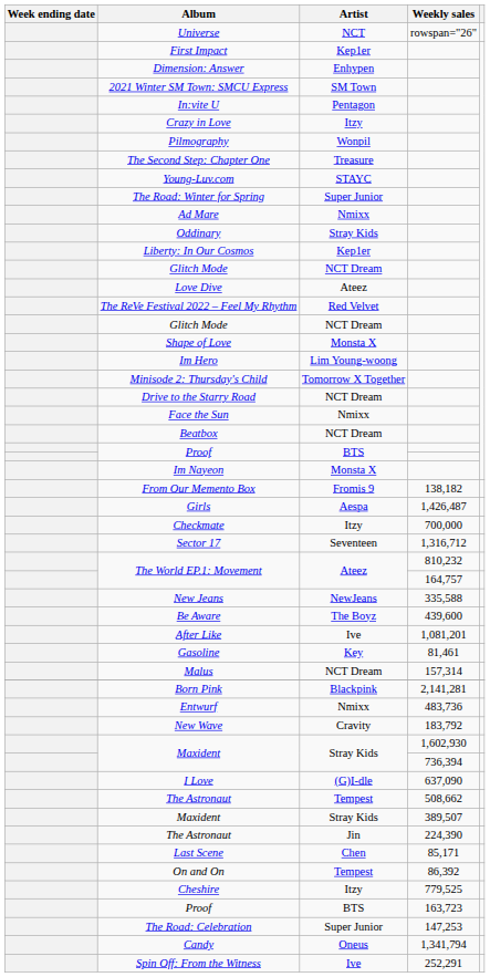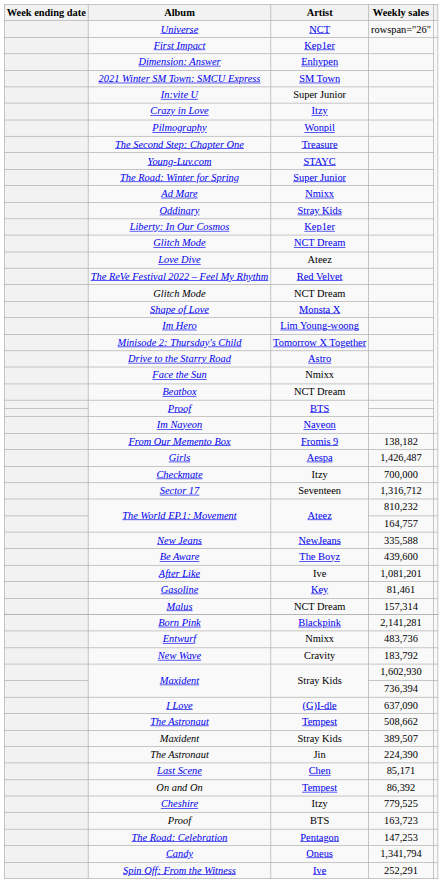 <table class="wikitable sortable plainrowheaders" style="text-align:center">
 <tr>
 <th scope="col">Week ending date</th>
 <th scope="col">Album</th>
 <th scope="col">Artist</th>
 <th scope="col">Weekly sales</th>
 <th scope="col" class="unsortable"></th>
 </tr>
 <tr>
 <th scope="row"></th>
 <td><em><a href='#'>Universe</a></em></td>
 <td><a href='#'>NCT</a></td>
 <td>rowspan="26" </td>
 <td></td>
 </tr>
 <tr>
 <th scope="row"></th>
 <td><em><a href='#'>First Impact</a></em></td>
 <td><a href='#'>Kep1er</a></td>
 <td></td>
 </tr>
 <tr>
 <th scope="row"></th>
 <td><em><a href='#'>Dimension: Answer</a></em></td>
 <td><a href='#'>Enhypen</a></td>
 <td></td>
 </tr>
 <tr>
 <th scope="row"></th>
 <td><em><a href='#'>2021 Winter SM Town: SMCU Express</a></em></td>
 <td><a href='#'>SM Town</a></td>
 <td></td>
 </tr>
 <tr>
 <th scope="row"></th>
 <td><em><a href='#'>In:vite U</a></em></td>
-<td><a href='#'>Pentagon</a></td>
+<td>Super Junior</td>
 <td></td>
 </tr>
 <tr>
 <th scope="row"></th>
 <td><em><a href='#'>Crazy in Love</a></em></td>
 <td><a href='#'>Itzy</a></td>
 <td></td>
 </tr>
 <tr>
 <th scope="row"></th>
 <td><em><a href='#'>Pilmography</a></em></td>
 <td><a href='#'>Wonpil</a></td>
 <td></td>
 </tr>
 <tr>
 <th scope="row"></th>
 <td><em><a href='#'>The Second Step: Chapter One</a></em></td>
 <td><a href='#'>Treasure</a></td>
 <td></td>
 </tr>
 <tr>
 <th scope="row"></th>
 <td><em><a href='#'>Young-Luv.com</a></em></td>
 <td><a href='#'>STAYC</a></td>
 <td></td>
 </tr>
 <tr>
 <th scope="row"></th>
 <td><em><a href='#'>The Road: Winter for Spring</a></em></td>
 <td><a href='#'>Super Junior</a></td>
 <td></td>
 </tr>
 <tr>
 <th scope="row"></th>
 <td><em><a href='#'>Ad Mare</a></em></td>
 <td><a href='#'>Nmixx</a></td>
 <td></td>
 </tr>
 <tr>
 <th scope="row"></th>
 <td><em><a href='#'>Oddinary</a></em></td>
 <td><a href='#'>Stray Kids</a></td>
 <td></td>
 </tr>
 <tr>
 <th scope="row"></th>
 <td><em><a href='#'>Liberty: In Our Cosmos</a></em></td>
 <td><a href='#'>Kep1er</a></td>
 <td></td>
 </tr>
 <tr>
 <th scope="row"></th>
 <td><em><a href='#'>Glitch Mode</a></em></td>
 <td><a href='#'>NCT Dream</a></td>
 <td></td>
 </tr>
 <tr>
 <th scope="row"></th>
 <td><em><a href='#'>Love Dive</a></em></td>
 <td>Ateez</td>
 <td></td>
 </tr>
 <tr>
 <th scope="row"></th>
 <td><em><a href='#'>The ReVe Festival 2022 – Feel My Rhythm</a></em></td>
 <td><a href='#'>Red Velvet</a></td>
 <td></td>
 </tr>
 <tr>
 <th scope="row"></th>
 <td><em>Glitch Mode</em></td>
 <td>NCT Dream</td>
 <td></td>
 </tr>
 <tr>
 <th scope="row"></th>
 <td><em><a href='#'>Shape of Love</a></em></td>
 <td><a href='#'>Monsta X</a></td>
 <td></td>
 </tr>
 <tr>
 <th scope="row"></th>
 <td><em><a href='#'>Im Hero</a></em></td>
 <td><a href='#'>Lim Young-woong</a></td>
 <td></td>
 </tr>
 <tr>
 <th scope="row"></th>
 <td><em><a href='#'>Minisode 2: Thursday's Child</a></em></td>
 <td><a href='#'>Tomorrow X Together</a></td>
 <td></td>
 </tr>
 <tr>
 <th scope="row"></th>
 <td><em><a href='#'>Drive to the Starry Road</a></em></td>
-<td>NCT Dream</td>
+<td><a href='#'>Astro</a></td>
 <td></td>
 </tr>
 <tr>
 <th scope="row"></th>
 <td><em><a href='#'>Face the Sun</a></em></td>
 <td>Nmixx</td>
 <td></td>
 </tr>
 <tr>
 <th scope="row"></th>
 <td><em><a href='#'>Beatbox</a></em></td>
 <td>NCT Dream</td>
 <td></td>
 </tr>
 <tr>
 <th scope="row"></th>
 <td rowspan="2"><em><a href='#'>Proof</a></em></td>
 <td rowspan="2"><a href='#'>BTS</a></td>
 <td></td>
 </tr>
 <tr>
 <th scope="row"></th>
 <td></td>
 </tr>
 <tr>
 <th scope="row"></th>
 <td><em><a href='#'>Im Nayeon</a></em></td>
-<td><a href='#'>Monsta X</a></td>
+<td><a href='#'>Nayeon</a></td>
 <td></td>
 </tr>
 <tr>
 <th scope="row"></th>
 <td><em><a href='#'>From Our Memento Box</a></em></td>
 <td><a href='#'>Fromis 9</a></td>
 <td>138,182</td>
 <td></td>
 </tr>
 <tr>
 <th scope="row"></th>
 <td><em><a href='#'>Girls</a></em></td>
 <td><a href='#'>Aespa</a></td>
 <td>1,426,487</td>
 <td></td>
 </tr>
 <tr>
 <th scope="row"></th>
 <td><em><a href='#'>Checkmate</a></em></td>
 <td>Itzy</td>
 <td>700,000</td>
 <td></td>
 </tr>
 <tr>
 <th scope="row"></th>
 <td><em><a href='#'>Sector 17</a></em></td>
 <td>Seventeen</td>
 <td>1,316,712</td>
 <td></td>
 </tr>
 <tr>
 <th scope="row"></th>
 <td rowspan="2"><em><a href='#'>The World EP.1: Movement</a></em></td>
 <td rowspan="2"><a href='#'>Ateez</a></td>
 <td>810,232</td>
 <td></td>
 </tr>
 <tr>
 <th scope="row"></th>
 <td>164,757</td>
 <td></td>
 </tr>
 <tr>
 <th scope="row"></th>
 <td><em><a href='#'>New Jeans</a></em></td>
 <td><a href='#'>NewJeans</a></td>
 <td>335,588</td>
 <td></td>
 </tr>
 <tr>
 <th scope="row"></th>
 <td><em><a href='#'>Be Aware</a></em></td>
 <td><a href='#'>The Boyz</a></td>
 <td>439,600</td>
 <td></td>
 </tr>
 <tr>
 <th scope="row"></th>
 <td><em><a href='#'>After Like</a></em></td>
 <td>Ive</td>
 <td>1,081,201</td>
 <td></td>
 </tr>
 <tr>
 <th scope="row"></th>
 <td><em><a href='#'>Gasoline</a></em></td>
 <td><a href='#'>Key</a></td>
 <td>81,461</td>
 <td></td>
 </tr>
 <tr>
 <th scope="row"></th>
 <td><em><a href='#'>Malus</a></em></td>
 <td>NCT Dream</td>
 <td>157,314</td>
 <td></td>
 </tr>
 <tr>
 </tr>
 <tr>
 <th scope="row"></th>
 <td><em><a href='#'>Born Pink</a></em></td>
 <td><a href='#'>Blackpink</a></td>
 <td>2,141,281</td>
 <td></td>
 </tr>
 <tr>
 <th scope="row"></th>
 <td><em><a href='#'>Entwurf</a></em></td>
 <td>Nmixx</td>
 <td>483,736</td>
 <td></td>
 </tr>
 <tr>
 <th scope="row"></th>
 <td><em><a href='#'>New Wave</a></em></td>
 <td>Cravity</td>
 <td>183,792</td>
 <td></td>
 </tr>
 <tr>
 <th scope="row"></th>
 <td rowspan="2"><em><a href='#'>Maxident</a></em></td>
 <td rowspan="2">Stray Kids</td>
 <td>1,602,930</td>
 <td></td>
 </tr>
 <tr>
 <th scope="row"></th>
 <td>736,394</td>
 <td></td>
 </tr>
 <tr>
 <th scope="row"></th>
 <td><em><a href='#'>I Love</a></em></td>
 <td><a href='#'>(G)I-dle</a></td>
 <td>637,090</td>
 <td></td>
 </tr>
 <tr>
 <th scope="row"></th>
 <td><em><a href='#'>The Astronaut</a></em></td>
 <td><a href='#'>Tempest</a></td>
 <td>508,662</td>
 <td></td>
 </tr>
 <tr>
 <th scope="row"></th>
 <td><em>Maxident</em></td>
 <td>Stray Kids</td>
 <td>389,507</td>
 <td></td>
 </tr>
 <tr>
 <th scope="row"></th>
 <td><em>The Astronaut</em></td>
 <td>Jin</td>
 <td>224,390</td>
 <td></td>
 </tr>
 <tr>
 <th scope="row"></th>
 <td><em><a href='#'>Last Scene</a></em></td>
 <td><a href='#'>Chen</a></td>
 <td>85,171</td>
 <td></td>
 </tr>
 <tr>
 <th scope="row"></th>
 <td><em>On and On</em></td>
 <td><a href='#'>Tempest</a></td>
 <td>86,392</td>
 <td></td>
 </tr>
 <tr>
 <th scope="row"></th>
 <td><em><a href='#'>Cheshire</a></em></td>
 <td>Itzy</td>
 <td>779,525</td>
 <td></td>
 </tr>
 <tr>
 <th scope="row"></th>
 <td><em>Proof</em></td>
 <td>BTS</td>
 <td>163,723</td>
 <td></td>
 </tr>
 <tr>
 <th scope="row"></th>
 <td><em><a href='#'>The Road: Celebration</a></em></td>
-<td>Super Junior</td>
+<td><a href='#'>Pentagon</a></td>
 <td>147,253</td>
 <td></td>
 </tr>
 <tr>
 <th scope="row"></th>
 <td><em><a href='#'>Candy</a></em></td>
 <td><a href='#'>Oneus</a></td>
 <td>1,341,794</td>
 <td></td>
 </tr>
 <tr>
 <th scope="row"></th>
 <td><em><a href='#'>Spin Off: From the Witness</a></em></td>
 <td><a href='#'>Ive</a></td>
 <td>252,291</td>
 <td></td>
 </tr>
 </table>
